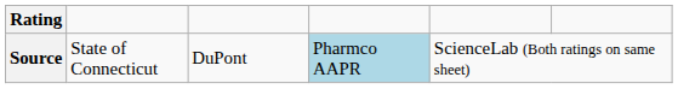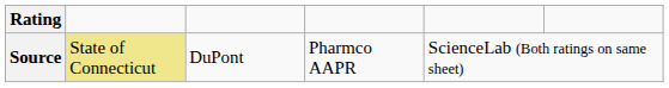 <table class="wikitable" border=1>
 <tr>
 <th>Rating</th>
 <td style="width:100px"></td>
 <td style="width:100px"></td>
 <td style="width:100px"></td>
 <td style="width:100px"></td>
 <td style="width:100px"></td>
 </tr>
 <tr>
 <th>Source</th>
-<td>State of Connecticut</td>
+<td style="background: khaki;">State of Connecticut</td>
 <td>DuPont</td>
-<td style="background: lightblue;">Pharmco AAPR</td>
+<td>Pharmco AAPR</td>
 <td colspan=2>ScienceLab <small>(Both ratings on same sheet)</small></td>
 </tr>
 </table>
